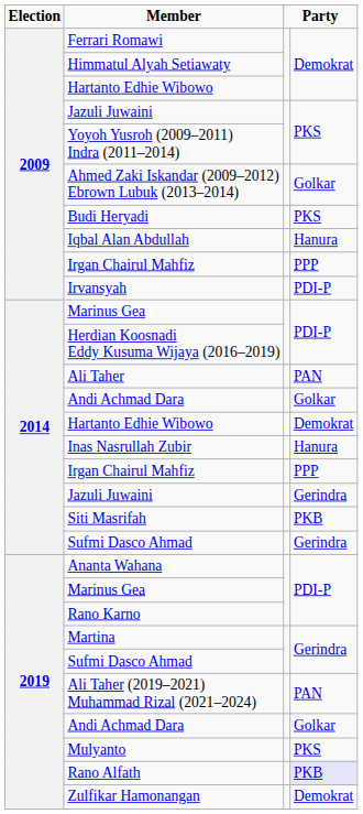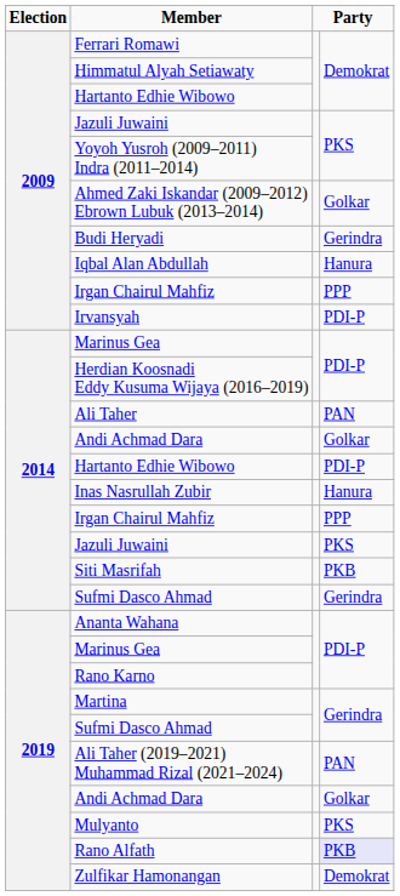 <table class="wikitable" align="center">
 <tr>
 <td align="center"><strong>Election</strong></td>
 <td align="center"><strong>Member</strong></td>
 <td colspan="2" align="center"><strong>Party</strong></td>
 </tr>
 <tr>
 <th rowspan="10"><a href='#'>2009</a></th>
 <td><a href='#'>Ferrari Romawi</a></td>
 <td rowspan="3" style="background-color: "></td>
 <td rowspan="3"><a href='#'>Demokrat</a></td>
 </tr>
 <tr>
 <td><a href='#'>Himmatul Alyah Setiawaty</a></td>
 </tr>
 <tr>
 <td><a href='#'>Hartanto Edhie Wibowo</a></td>
 </tr>
 <tr>
 <td><a href='#'>Jazuli Juwaini</a></td>
 <td rowspan="2" style="background-color: "></td>
 <td rowspan="2"><a href='#'>PKS</a></td>
 </tr>
 <tr>
 <td><a href='#'>Yoyoh Yusroh</a> (2009–2011)<br><a href='#'>Indra</a> (2011–2014)</td>
 </tr>
 <tr>
 <td><a href='#'>Ahmed Zaki Iskandar</a> (2009–2012)<br><a href='#'>Ebrown Lubuk</a> (2013–2014)</td>
 <td style="background-color: "></td>
 <td><a href='#'>Golkar</a></td>
 </tr>
 <tr>
 <td><a href='#'>Budi Heryadi</a></td>
 <td style="background-color: "></td>
-<td><a href='#'>PKS</a></td>
+<td><a href='#'>Gerindra</a></td>
 </tr>
 <tr>
 <td><a href='#'>Iqbal Alan Abdullah</a></td>
 <td style="background-color: "></td>
 <td><a href='#'>Hanura</a></td>
 </tr>
 <tr>
 <td><a href='#'>Irgan Chairul Mahfiz</a></td>
 <td style="background-color: "></td>
 <td><a href='#'>PPP</a></td>
 </tr>
 <tr>
 <td><a href='#'>Irvansyah</a></td>
 <td style="background-color: "></td>
 <td><a href='#'>PDI-P</a></td>
 </tr>
 <tr>
 <th rowspan="10"><a href='#'>2014</a></th>
 <td><a href='#'>Marinus Gea</a></td>
 <td rowspan="2" style="background-color: "></td>
 <td rowspan="2"><a href='#'>PDI-P</a></td>
 </tr>
 <tr>
 <td><a href='#'>Herdian Koosnadi</a><br><a href='#'>Eddy Kusuma Wijaya</a> (2016–2019)</td>
 </tr>
 <tr>
 <td><a href='#'>Ali Taher</a></td>
 <td style="background-color: "></td>
 <td><a href='#'>PAN</a></td>
 </tr>
 <tr>
 <td><a href='#'>Andi Achmad Dara</a></td>
 <td style="background-color: "></td>
 <td><a href='#'>Golkar</a></td>
 </tr>
 <tr>
 <td><a href='#'>Hartanto Edhie Wibowo</a></td>
 <td style="background-color: "></td>
-<td><a href='#'>Demokrat</a></td>
+<td><a href='#'>PDI-P</a></td>
 </tr>
 <tr>
 <td><a href='#'>Inas Nasrullah Zubir</a></td>
 <td style="background-color: "></td>
 <td><a href='#'>Hanura</a></td>
 </tr>
 <tr>
 <td><a href='#'>Irgan Chairul Mahfiz</a></td>
 <td style="background-color: "></td>
 <td><a href='#'>PPP</a></td>
 </tr>
 <tr>
 <td><a href='#'>Jazuli Juwaini</a></td>
 <td style="background-color: "></td>
-<td><a href='#'>Gerindra</a></td>
+<td><a href='#'>PKS</a></td>
 </tr>
 <tr>
 <td><a href='#'>Siti Masrifah</a></td>
 <td style="background-color: "></td>
 <td><a href='#'>PKB</a></td>
 </tr>
 <tr>
 <td><a href='#'>Sufmi Dasco Ahmad</a></td>
 <td style="background-color: "></td>
 <td><a href='#'>Gerindra</a></td>
 </tr>
 <tr>
 <th rowspan="10"><a href='#'>2019</a></th>
 <td><a href='#'>Ananta Wahana</a></td>
 <td rowspan="3" style="background-color: "></td>
 <td rowspan="3"><a href='#'>PDI-P</a></td>
 </tr>
 <tr>
 <td><a href='#'>Marinus Gea</a></td>
 </tr>
 <tr>
 <td><a href='#'>Rano Karno</a></td>
 </tr>
 <tr>
 <td><a href='#'>Martina</a></td>
 <td rowspan="2" style="background-color: "></td>
 <td rowspan="2"><a href='#'>Gerindra</a></td>
 </tr>
 <tr>
 <td><a href='#'>Sufmi Dasco Ahmad</a></td>
 </tr>
 <tr>
 <td><a href='#'>Ali Taher</a> (2019–2021)<br><a href='#'>Muhammad Rizal</a> (2021–2024)</td>
 <td style="background-color: "></td>
 <td><a href='#'>PAN</a></td>
 </tr>
 <tr>
 <td><a href='#'>Andi Achmad Dara</a></td>
 <td style="background-color: "></td>
 <td><a href='#'>Golkar</a></td>
 </tr>
 <tr>
 <td><a href='#'>Mulyanto</a></td>
 <td style="background-color: "></td>
 <td><a href='#'>PKS</a></td>
 </tr>
 <tr>
 <td><a href='#'>Rano Alfath</a></td>
 <td style="background-color: "></td>
 <td style="background: lavender;"><a href='#'>PKB</a></td>
 </tr>
 <tr>
 <td><a href='#'>Zulfikar Hamonangan</a></td>
 <td style="background-color: "></td>
 <td><a href='#'>Demokrat</a></td>
 </tr>
 </table>
